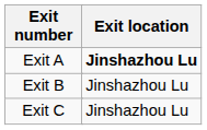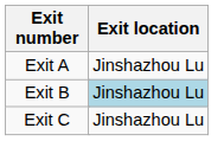 <table class="wikitable">
 <tr>
 <th style="width:70px" colspan="2">Exit number</th>
 <th>Exit location</th>
 </tr>
 <tr>
 <td align="center" colspan="2">Exit A</td>
-<td><strong>Jinshazhou Lu</strong></td>
+<td>Jinshazhou Lu</td>
 </tr>
 <tr>
 <td align="center" colspan="2">Exit B</td>
-<td>Jinshazhou Lu</td>
+<td style="background: lightblue;">Jinshazhou Lu</td>
 </tr>
 <tr>
 <td align="center" colspan="2">Exit C</td>
 <td>Jinshazhou Lu</td>
 </tr>
 </table>
